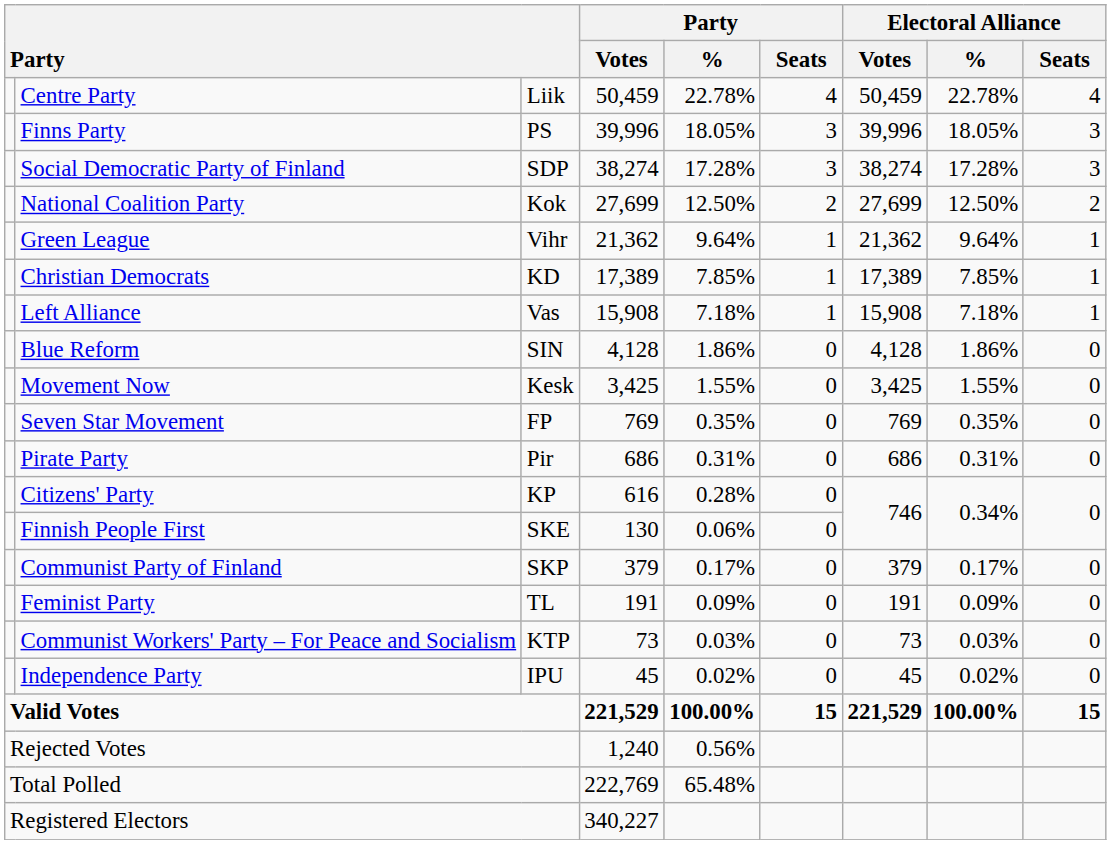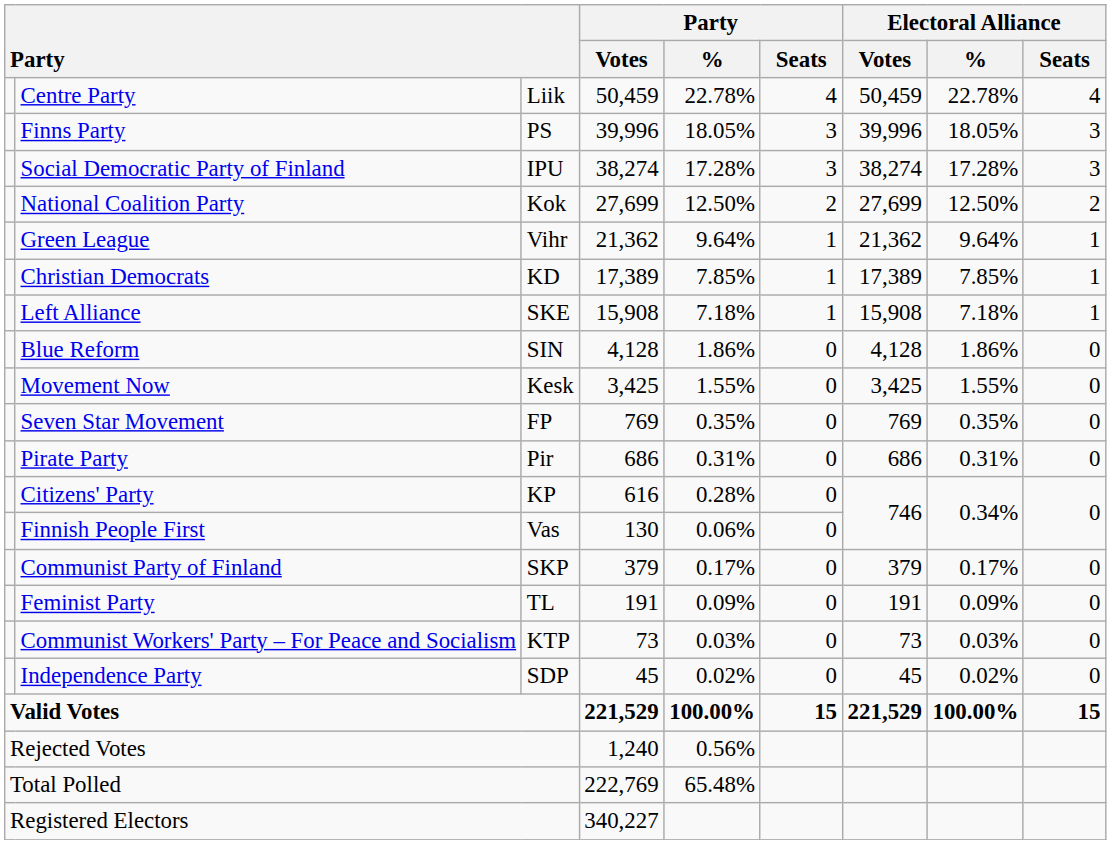 <table class="wikitable" border="1" style="text-align:right;">
 <tr>
 <th style="text-align:left;" valign=bottom rowspan=2 colspan=3>Party</th>
 <th colspan=3>Party</th>
 <th colspan=3>Electoral Alliance</th>
 </tr>
 <tr>
 <th align=center valign=bottom width="50">Votes</th>
 <th align=center valign=bottom width="50">%</th>
 <th align=center valign=bottom width="50">Seats</th>
 <th align=center valign=bottom width="50">Votes</th>
 <th align=center valign=bottom width="50">%</th>
 <th align=center valign=bottom width="50">Seats</th>
 </tr>
 <tr>
 <td></td>
 <td align=left><a href='#'>Centre Party</a></td>
 <td align=left>Liik</td>
 <td>50,459</td>
 <td>22.78%</td>
 <td>4</td>
 <td>50,459</td>
 <td>22.78%</td>
 <td>4</td>
 </tr>
 <tr>
 <td></td>
 <td align=left><a href='#'>Finns Party</a></td>
 <td align=left>PS</td>
 <td>39,996</td>
 <td>18.05%</td>
 <td>3</td>
 <td>39,996</td>
 <td>18.05%</td>
 <td>3</td>
 </tr>
 <tr>
 <td></td>
 <td align=left style="white-space: nowrap;"><a href='#'>Social Democratic Party of Finland</a></td>
-<td align=left>SDP</td>
+<td align=left>IPU</td>
 <td>38,274</td>
 <td>17.28%</td>
 <td>3</td>
 <td>38,274</td>
 <td>17.28%</td>
 <td>3</td>
 </tr>
 <tr>
 <td></td>
 <td align=left><a href='#'>National Coalition Party</a></td>
 <td align=left>Kok</td>
 <td>27,699</td>
 <td>12.50%</td>
 <td>2</td>
 <td>27,699</td>
 <td>12.50%</td>
 <td>2</td>
 </tr>
 <tr>
 <td></td>
 <td align=left><a href='#'>Green League</a></td>
 <td align=left>Vihr</td>
 <td>21,362</td>
 <td>9.64%</td>
 <td>1</td>
 <td>21,362</td>
 <td>9.64%</td>
 <td>1</td>
 </tr>
 <tr>
 <td></td>
 <td align=left><a href='#'>Christian Democrats</a></td>
 <td align=left>KD</td>
 <td>17,389</td>
 <td>7.85%</td>
 <td>1</td>
 <td>17,389</td>
 <td>7.85%</td>
 <td>1</td>
 </tr>
 <tr>
 <td></td>
 <td align=left><a href='#'>Left Alliance</a></td>
-<td align=left>Vas</td>
+<td align=left>SKE</td>
 <td>15,908</td>
 <td>7.18%</td>
 <td>1</td>
 <td>15,908</td>
 <td>7.18%</td>
 <td>1</td>
 </tr>
 <tr>
 <td></td>
 <td align=left><a href='#'>Blue Reform</a></td>
 <td align=left>SIN</td>
 <td>4,128</td>
 <td>1.86%</td>
 <td>0</td>
 <td>4,128</td>
 <td>1.86%</td>
 <td>0</td>
 </tr>
 <tr>
 <td></td>
 <td align=left><a href='#'>Movement Now</a></td>
 <td align=left>Kesk</td>
 <td>3,425</td>
 <td>1.55%</td>
 <td>0</td>
 <td>3,425</td>
 <td>1.55%</td>
 <td>0</td>
 </tr>
 <tr>
 <td></td>
 <td align=left><a href='#'>Seven Star Movement</a></td>
 <td align=left>FP</td>
 <td>769</td>
 <td>0.35%</td>
 <td>0</td>
 <td>769</td>
 <td>0.35%</td>
 <td>0</td>
 </tr>
 <tr>
 <td></td>
 <td align=left><a href='#'>Pirate Party</a></td>
 <td align=left>Pir</td>
 <td>686</td>
 <td>0.31%</td>
 <td>0</td>
 <td>686</td>
 <td>0.31%</td>
 <td>0</td>
 </tr>
 <tr>
 <td></td>
 <td align=left><a href='#'>Citizens' Party</a></td>
 <td align=left>KP</td>
 <td>616</td>
 <td>0.28%</td>
 <td>0</td>
 <td rowspan=2>746</td>
 <td rowspan=2>0.34%</td>
 <td rowspan=2>0</td>
 </tr>
 <tr>
 <td></td>
 <td align=left><a href='#'>Finnish People First</a></td>
-<td align=left>SKE</td>
+<td align=left>Vas</td>
 <td>130</td>
 <td>0.06%</td>
 <td>0</td>
 </tr>
 <tr>
 <td></td>
 <td align=left><a href='#'>Communist Party of Finland</a></td>
 <td align=left>SKP</td>
 <td>379</td>
 <td>0.17%</td>
 <td>0</td>
 <td>379</td>
 <td>0.17%</td>
 <td>0</td>
 </tr>
 <tr>
 <td></td>
 <td align=left><a href='#'>Feminist Party</a></td>
 <td align=left>TL</td>
 <td>191</td>
 <td>0.09%</td>
 <td>0</td>
 <td>191</td>
 <td>0.09%</td>
 <td>0</td>
 </tr>
 <tr>
 <td></td>
 <td align=left><a href='#'>Communist Workers' Party – For Peace and Socialism</a></td>
 <td align=left>KTP</td>
 <td>73</td>
 <td>0.03%</td>
 <td>0</td>
 <td>73</td>
 <td>0.03%</td>
 <td>0</td>
 </tr>
 <tr>
 <td></td>
 <td align=left><a href='#'>Independence Party</a></td>
-<td align=left>IPU</td>
+<td align=left>SDP</td>
 <td>45</td>
 <td>0.02%</td>
 <td>0</td>
 <td>45</td>
 <td>0.02%</td>
 <td>0</td>
 </tr>
 <tr style="font-weight:bold">
 <td align=left colspan=3>Valid Votes</td>
 <td>221,529</td>
 <td>100.00%</td>
 <td>15</td>
 <td>221,529</td>
 <td>100.00%</td>
 <td>15</td>
 </tr>
 <tr>
 <td align=left colspan=3>Rejected Votes</td>
 <td>1,240</td>
 <td>0.56%</td>
 <td></td>
 <td></td>
 <td></td>
 <td></td>
 </tr>
 <tr>
 <td align=left colspan=3>Total Polled</td>
 <td>222,769</td>
 <td>65.48%</td>
 <td></td>
 <td></td>
 <td></td>
 <td></td>
 </tr>
 <tr>
 <td align=left colspan=3>Registered Electors</td>
 <td>340,227</td>
 <td></td>
 <td></td>
 <td></td>
 <td></td>
 <td></td>
 </tr>
 </table>
